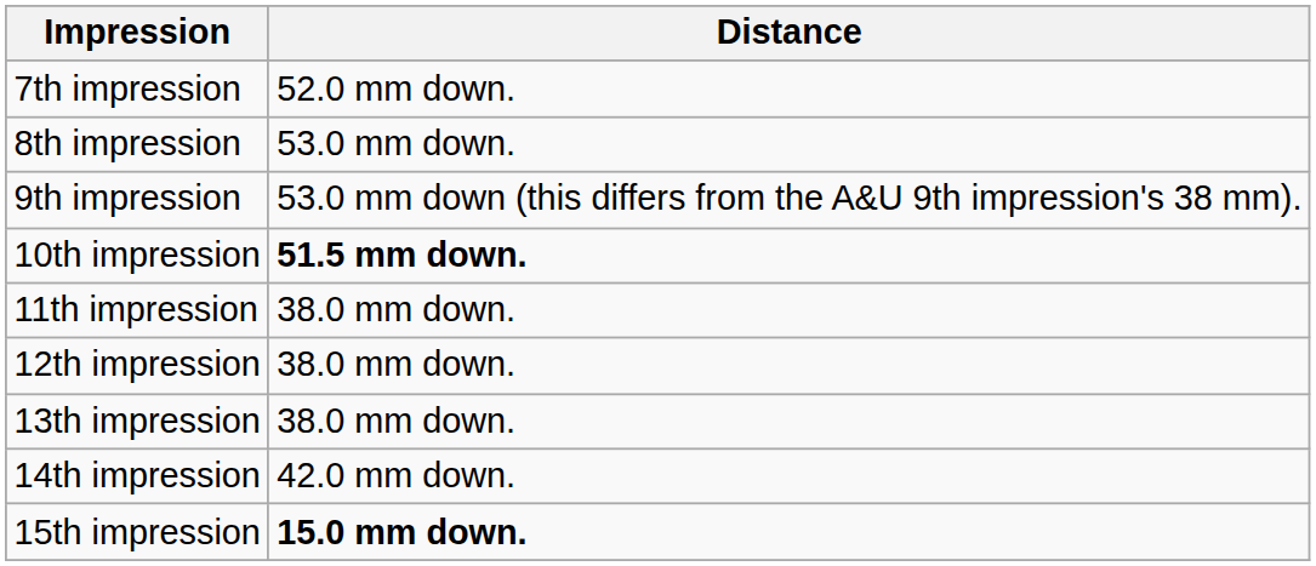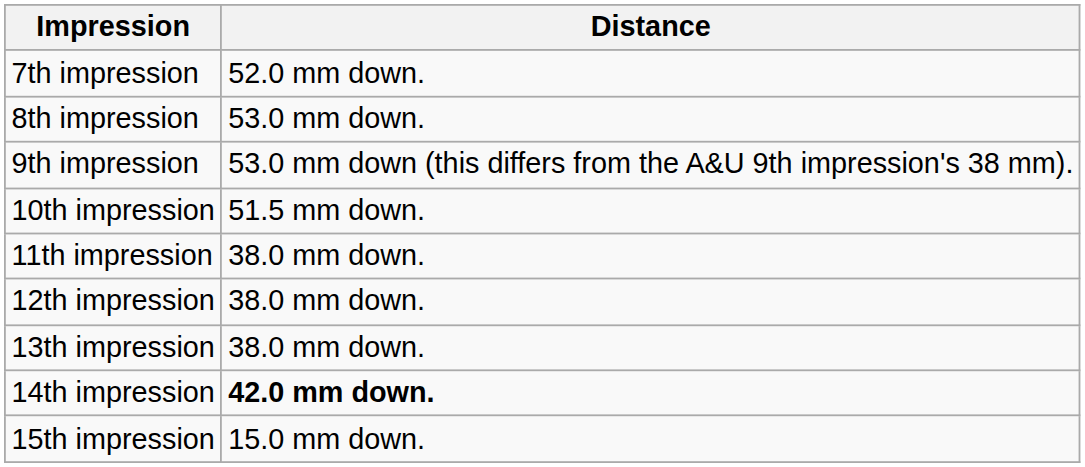 <table class="wikitable">
 <tr>
 <th>Impression</th>
 <th>Distance</th>
 </tr>
 <tr>
 <td>7th impression</td>
 <td>52.0 mm down.</td>
 </tr>
 <tr>
 <td>8th impression</td>
 <td>53.0 mm down.</td>
 </tr>
 <tr>
 <td>9th impression</td>
 <td>53.0 mm down (this differs from the A&U 9th impression's 38 mm).</td>
 </tr>
 <tr>
 <td>10th impression</td>
-<td><strong>51.5 mm down.</strong></td>
+<td>51.5 mm down.</td>
 </tr>
 <tr>
 <td>11th impression</td>
 <td>38.0 mm down.</td>
 </tr>
 <tr>
 <td>12th impression</td>
 <td>38.0 mm down.</td>
 </tr>
 <tr>
 <td>13th impression</td>
 <td>38.0 mm down.</td>
 </tr>
 <tr>
 <td>14th impression</td>
-<td>42.0 mm down.</td>
+<td><strong>42.0 mm down.</strong></td>
 </tr>
 <tr>
 <td>15th impression</td>
-<td><strong>15.0 mm down.</strong></td>
+<td>15.0 mm down.</td>
 </tr>
 </table>
